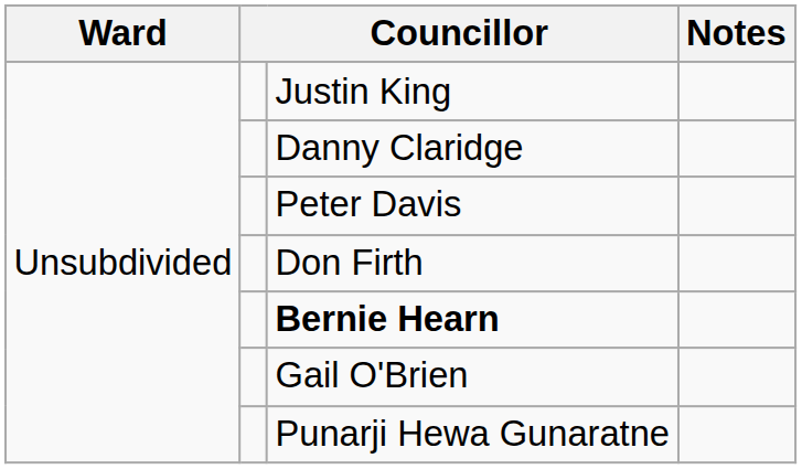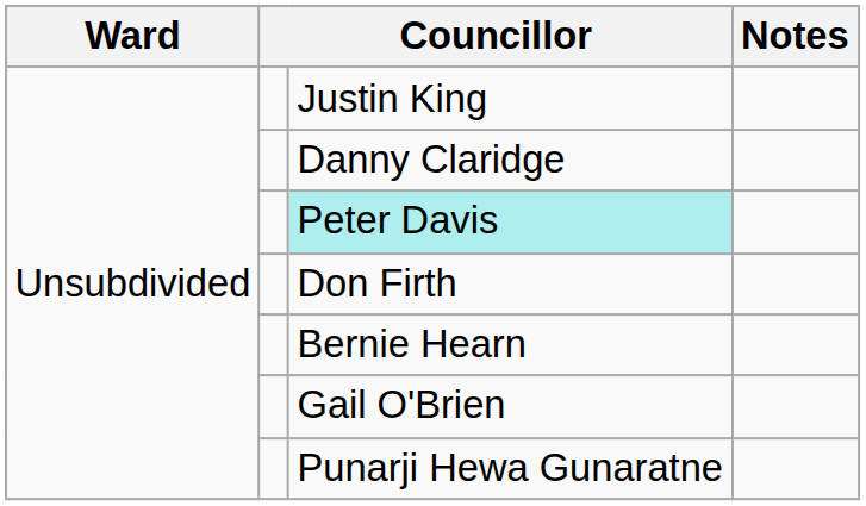 <table class="wikitable">
 <tr>
 <th>Ward</th>
 <th colspan="2">Councillor</th>
 <th>Notes</th>
 </tr>
 <tr>
 <td rowspan="7">Unsubdivided</td>
 <td> </td>
 <td>Justin King</td>
 <td></td>
 </tr>
 <tr>
 <td> </td>
 <td>Danny Claridge</td>
 <td></td>
 </tr>
 <tr>
 <td> </td>
-<td>Peter Davis</td>
+<td style="background: paleturquoise;">Peter Davis</td>
 <td></td>
 </tr>
 <tr>
 <td> </td>
 <td>Don Firth</td>
 <td></td>
 </tr>
 <tr>
 <td> </td>
-<td><strong>Bernie Hearn</strong></td>
+<td>Bernie Hearn</td>
 <td></td>
 </tr>
 <tr>
 <td> </td>
 <td>Gail O'Brien</td>
 <td></td>
 </tr>
 <tr>
 <td> </td>
 <td>Punarji Hewa Gunaratne</td>
 <td></td>
 </tr>
 </table>
